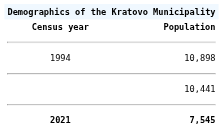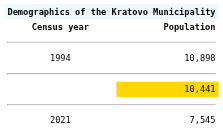 <table class="toccolours" align="Center" cellpadding="4" cellspacing="0" style="margin:0 0 1em 1em; font-size: 95%;">
 <tr>
 <th colspan=2 bgcolor="#F0F8FF" align="center">Demographics of the <strong>Kratovo Municipality</strong></th>
 </tr>
 <tr>
 <th align="center">Census year</th>
 <th align="right">Population</th>
 </tr>
 <tr>
 <td colspan=3><hr></td>
 </tr>
 <tr>
 <td align="center">1994</td>
 <td align="right">10,898</td>
 </tr>
 <tr>
 <td colspan=3><hr></td>
 </tr>
 <tr>
 <td align="center"></td>
-<td align="right">10,441</td>
+<td align="right" style="background: gold;">10,441</td>
 </tr>
 <tr>
 <td colspan=3><hr></td>
 </tr>
 <tr>
-<td align="center"><strong>2021</strong></td>
-<td align="right"><strong>7,545</strong></td>
+<td align="center">2021</td>
+<td align="right">7,545</td>
 </tr>
 <tr>
 </tr>
 </table>
